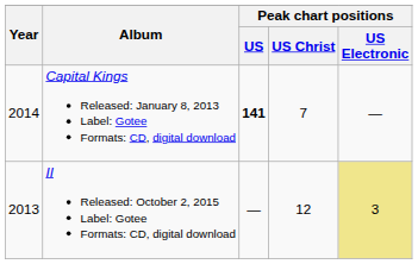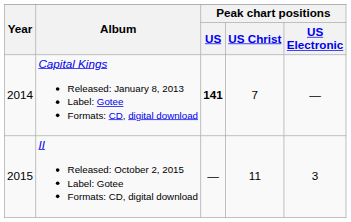 <table class="wikitable">
 <tr>
 </tr>
 <tr>
 <th rowspan="2">Year</th>
 <th rowspan="2">Album</th>
 <th colspan="4">Peak chart positions</th>
 </tr>
 <tr>
 <th><a href='#'>US</a></th>
 <th><a href='#'>US Christ</a></th>
 <th><a href='#'>US<br>Electronic</a></th>
 </tr>
 <tr>
 <td>2014</td>
 <td><em><a href='#'>Capital Kings</a></em><br><ul><li><small>Released: January 8, 2013</small></li><li><small>Label: <a href='#'>Gotee</a></small></li><li><small>Formats: <a href='#'>CD</a>, <a href='#'>digital download</a></small></li></ul></td>
 <td style="text-align:center;"><strong>141</strong></td>
 <td style="text-align:center;">7</td>
 <td style="text-align:center;">—</td>
 </tr>
 <tr>
-<td>2013</td>
+<td>2015</td>
 <td><em><a href='#'>II</a></em><br><ul><li><small>Released: October 2, 2015</small></li><li><small>Label: Gotee</small></li><li><small>Formats: CD, digital download</small></li></ul></td>
 <td style="text-align:center;">—</td>
-<td style="text-align:center;">12</td>
-<td style="background: khaki; text-align:center;">3</td>
+<td style="text-align:center;">11</td>
+<td style="text-align:center;">3</td>
 </tr>
 </table>
